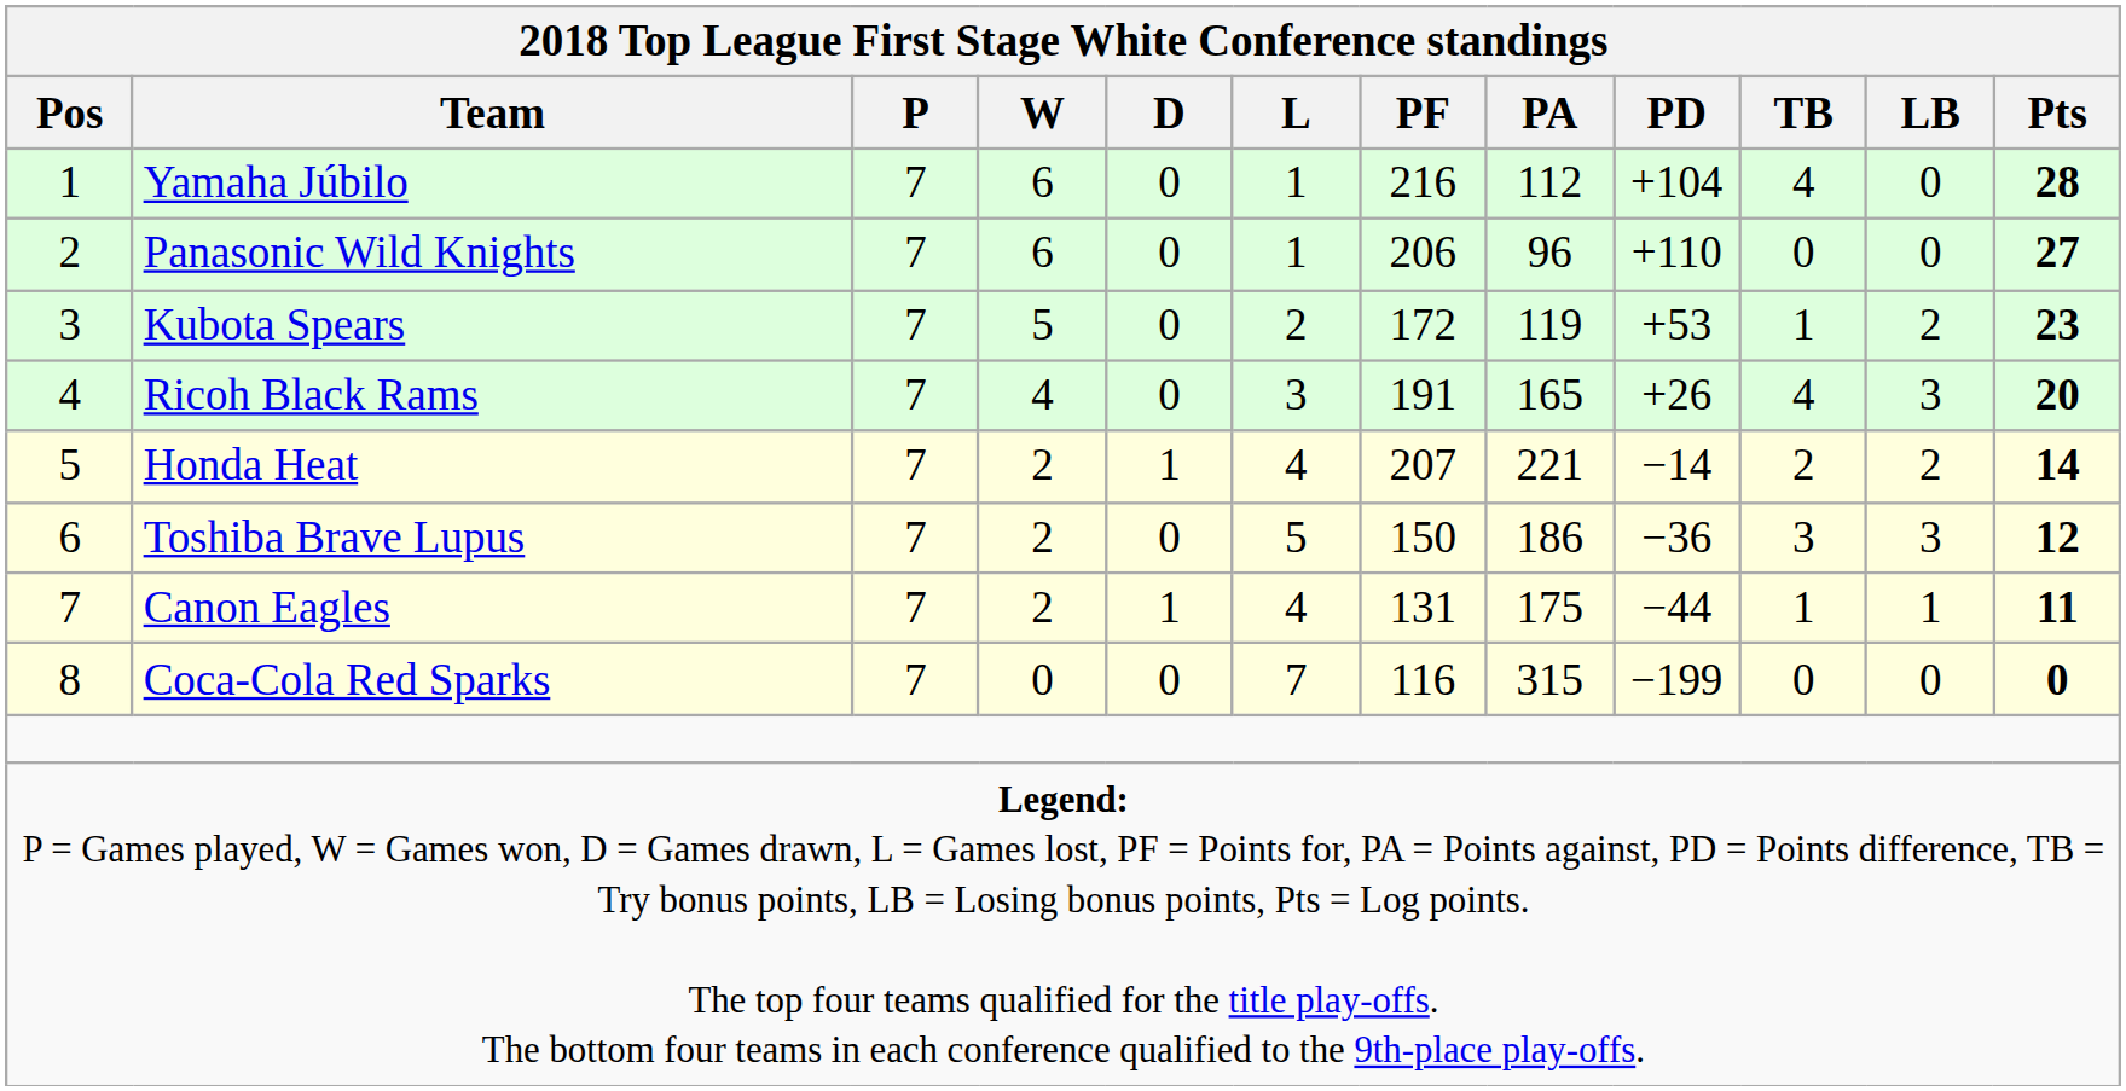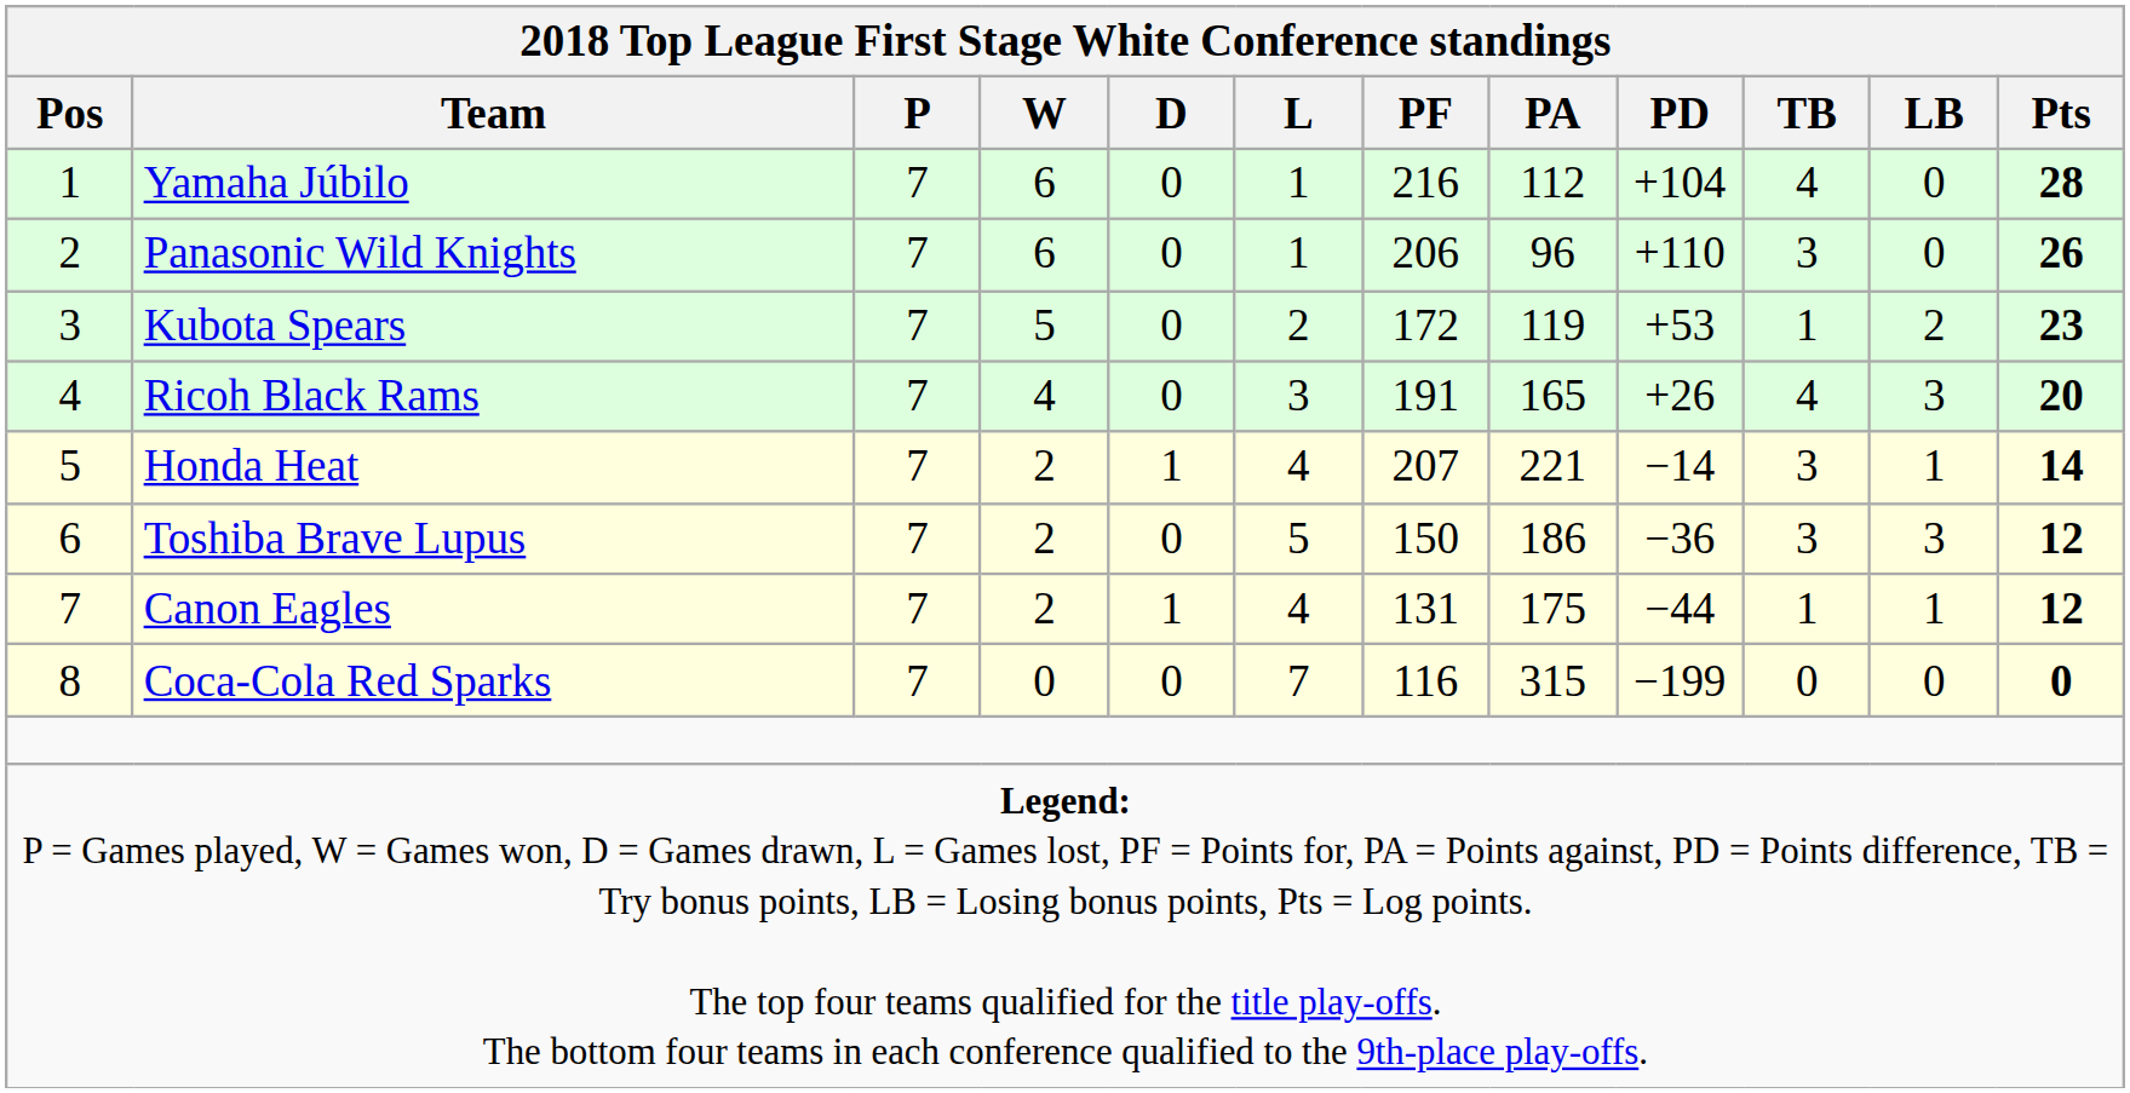 <table class="wikitable" style="text-align:center; font-size:100%; width:60%;">
 <tr>
 <th colspan="100%" cellpadding="0" cellspacing="0"><strong>2018 Top League First Stage White Conference standings</strong></th>
 </tr>
 <tr>
 <th style="width:6%;">Pos</th>
 <th style="width:34%;">Team</th>
 <th style="width:6%;">P</th>
 <th style="width:6%;">W</th>
 <th style="width:6%;">D</th>
 <th style="width:6%;">L</th>
 <th style="width:6%;">PF</th>
 <th style="width:6%;">PA</th>
 <th style="width:6%;">PD</th>
 <th style="width:6%;">TB</th>
 <th style="width:6%;">LB</th>
 <th style="width:6%;">Pts<br></th>
 </tr>
 <tr style="background:#DDFFDD;">
 <td>1</td>
 <td style="text-align:left;"><a href='#'>Yamaha Júbilo</a></td>
 <td>7</td>
 <td>6</td>
 <td>0</td>
 <td>1</td>
 <td>216</td>
 <td>112</td>
 <td>+104</td>
 <td>4</td>
 <td>0</td>
 <td><strong>28</strong></td>
 </tr>
 <tr style="background:#DDFFDD;">
 <td>2</td>
 <td style="text-align:left;"><a href='#'>Panasonic Wild Knights</a></td>
 <td>7</td>
 <td>6</td>
 <td>0</td>
 <td>1</td>
 <td>206</td>
 <td>96</td>
 <td>+110</td>
+<td>3</td>
 <td>0</td>
-<td>0</td>
-<td><strong>27</strong></td>
+<td><strong>26</strong></td>
 </tr>
 <tr style="background:#DDFFDD;">
 <td>3</td>
 <td style="text-align:left;"><a href='#'>Kubota Spears</a></td>
 <td>7</td>
 <td>5</td>
 <td>0</td>
 <td>2</td>
 <td>172</td>
 <td>119</td>
 <td>+53</td>
 <td>1</td>
 <td>2</td>
 <td><strong>23</strong></td>
 </tr>
 <tr style="background:#DDFFDD;">
 <td>4</td>
 <td style="text-align:left;"><a href='#'>Ricoh Black Rams</a></td>
 <td>7</td>
 <td>4</td>
 <td>0</td>
 <td>3</td>
 <td>191</td>
 <td>165</td>
 <td>+26</td>
 <td>4</td>
 <td>3</td>
 <td><strong>20</strong></td>
 </tr>
 <tr style="background:#FFFFDD;">
 <td>5</td>
 <td style="text-align:left;"><a href='#'>Honda Heat</a></td>
 <td>7</td>
 <td>2</td>
 <td>1</td>
 <td>4</td>
 <td>207</td>
 <td>221</td>
 <td>−14</td>
-<td>2</td>
-<td>2</td>
+<td>3</td>
+<td>1</td>
 <td><strong>14</strong></td>
 </tr>
 <tr style="background:#FFFFDD;">
 <td>6</td>
 <td style="text-align:left;"><a href='#'>Toshiba Brave Lupus</a></td>
 <td>7</td>
 <td>2</td>
 <td>0</td>
 <td>5</td>
 <td>150</td>
 <td>186</td>
 <td>−36</td>
 <td>3</td>
 <td>3</td>
 <td><strong>12</strong></td>
 </tr>
 <tr style="background:#FFFFDD;">
 <td>7</td>
 <td style="text-align:left;"><a href='#'>Canon Eagles</a></td>
 <td>7</td>
 <td>2</td>
 <td>1</td>
 <td>4</td>
 <td>131</td>
 <td>175</td>
 <td>−44</td>
 <td>1</td>
 <td>1</td>
-<td><strong>11</strong></td>
+<td><strong>12</strong></td>
 </tr>
 <tr style="background:#FFFFDD;">
 <td>8</td>
 <td style="text-align:left;"><a href='#'>Coca-Cola Red Sparks</a></td>
 <td>7</td>
 <td>0</td>
 <td>0</td>
 <td>7</td>
 <td>116</td>
 <td>315</td>
 <td>−199</td>
 <td>0</td>
 <td>0</td>
 <td><strong>0</strong></td>
 </tr>
 <tr>
 <td colspan="100%" style="height:10px;"></td>
 </tr>
 <tr>
 <td colspan="100%"><small><strong>Legend:</strong> <br> P = Games played, W = Games won, D = Games drawn, L = Games lost, PF = Points for, PA = Points against, PD = Points difference, TB = Try bonus points, LB = Losing bonus points, Pts = Log points. <br> <br> <span>The top four teams</span> qualified for the <a href='#'>title play-offs</a>. <br> <span>The bottom four teams in each conference</span> qualified to the <a href='#'>9th-place play-offs</a>.</small></td>
 </tr>
 </table>
